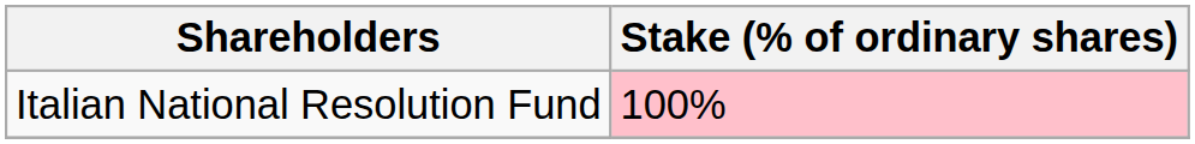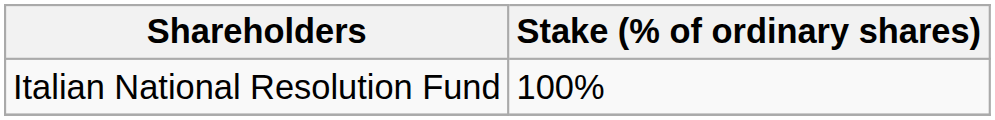 <table class="wikitable">
 <tr>
 <th>Shareholders</th>
 <th>Stake (% of ordinary shares)</th>
 </tr>
 <tr>
 <td>Italian National Resolution Fund</td>
-<td style="background: pink;">100%</td>
+<td>100%</td>
 </tr>
 <tr>
 </tr>
 </table>
